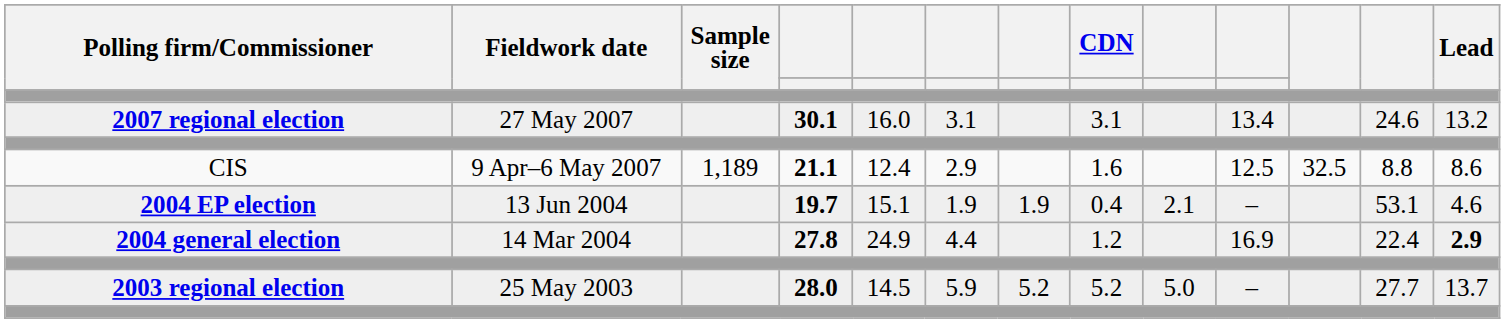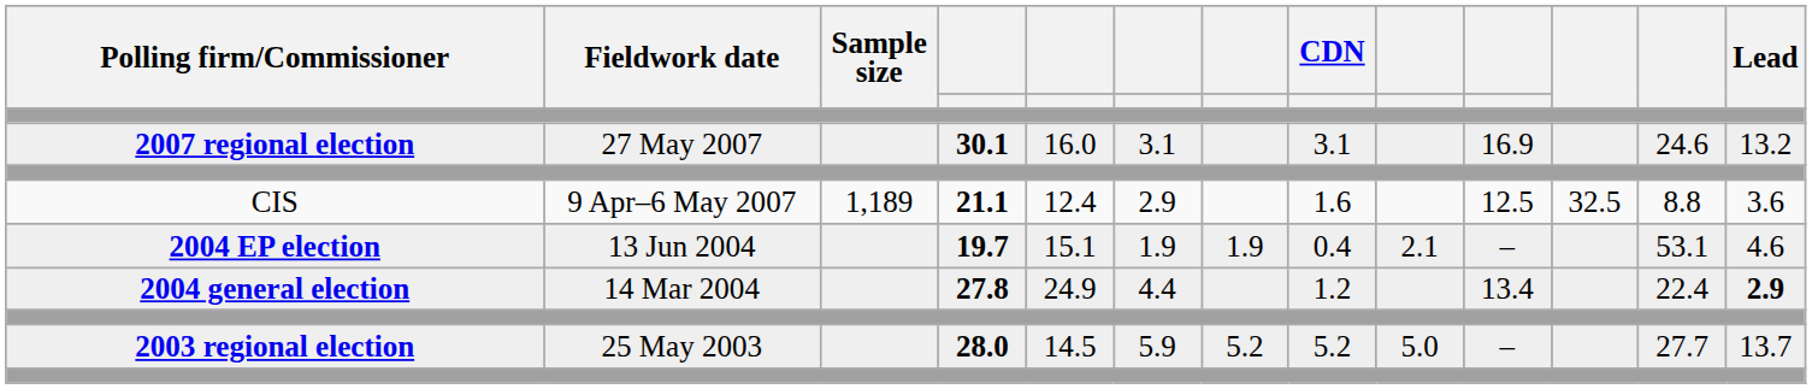 <table class="wikitable collapsible collapsed" style="text-align:center; font-size:90%; line-height:14px;">
 <tr style="height:42px;">
 <th style="width:250px;" rowspan="2">Polling firm/Commissioner</th>
 <th style="width:125px;" rowspan="2">Fieldwork date</th>
 <th style="width:50px;" rowspan="2">Sample size</th>
 <th style="width:35px;"></th>
 <th style="width:35px;"></th>
 <th style="width:35px;"></th>
 <th style="width:35px;"></th>
 <th style="width:35px;"><a href='#'>CDN</a></th>
 <th style="width:35px;"></th>
 <th style="width:35px;"></th>
 <th style="width:35px;" rowspan="2"></th>
 <th style="width:35px;" rowspan="2"></th>
 <th style="width:30px;" rowspan="2">Lead</th>
 </tr>
 <tr>
 <th style="color:inherit;background:"></th>
 <th style="color:inherit;background:"></th>
 <th style="color:inherit;background:"></th>
 <th style="color:inherit;background:"></th>
 <th style="color:inherit;background:"></th>
 <th style="color:inherit;background:"></th>
 <th style="color:inherit;background:"></th>
 </tr>
 <tr>
 <td colspan="13" style="background:#A0A0A0"></td>
 </tr>
 <tr style="background:#EFEFEF;">
 <td><strong><a href='#'>2007 regional election</a></strong></td>
 <td>27 May 2007</td>
 <td></td>
 <td><strong>30.1</strong></td>
 <td>16.0</td>
 <td>3.1</td>
 <td></td>
 <td>3.1</td>
 <td></td>
-<td>13.4</td>
+<td>16.9</td>
 <td></td>
 <td>24.6</td>
 <td style="background:">13.2</td>
 </tr>
 <tr>
 <td colspan="13" style="background:#A0A0A0"></td>
 </tr>
 <tr>
 <td>CIS</td>
 <td>9 Apr–6 May 2007</td>
 <td>1,189</td>
 <td><strong>21.1</strong></td>
 <td>12.4</td>
 <td>2.9</td>
 <td></td>
 <td>1.6</td>
 <td></td>
 <td>12.5</td>
 <td>32.5</td>
 <td>8.8</td>
-<td style="background:">8.6</td>
+<td style="background:">3.6</td>
 </tr>
 <tr style="background:#EFEFEF;">
 <td><strong><a href='#'>2004 EP election</a></strong></td>
 <td>13 Jun 2004</td>
 <td></td>
 <td><strong>19.7</strong></td>
 <td>15.1</td>
 <td>1.9</td>
 <td>1.9</td>
 <td>0.4</td>
 <td>2.1</td>
 <td>–</td>
 <td></td>
 <td>53.1</td>
 <td style="background:">4.6</td>
 </tr>
 <tr style="background:#EFEFEF;">
 <td><strong><a href='#'>2004 general election</a></strong></td>
 <td>14 Mar 2004</td>
 <td></td>
 <td><strong>27.8</strong></td>
 <td>24.9</td>
 <td>4.4</td>
 <td></td>
 <td>1.2</td>
 <td></td>
-<td>16.9</td>
+<td>13.4</td>
 <td></td>
 <td>22.4</td>
 <td style="background:"><strong>2.9</strong></td>
 </tr>
 <tr>
 <td colspan="13" style="background:#A0A0A0"></td>
 </tr>
 <tr style="background:#EFEFEF;">
 <td><strong><a href='#'>2003 regional election</a></strong></td>
 <td>25 May 2003</td>
 <td></td>
 <td><strong>28.0</strong></td>
 <td>14.5</td>
 <td>5.9</td>
 <td>5.2</td>
 <td>5.2</td>
 <td>5.0</td>
 <td>–</td>
 <td></td>
 <td>27.7</td>
 <td style="background:">13.7</td>
 </tr>
 <tr>
 <td colspan="13" style="background:#A0A0A0"></td>
 </tr>
 </table>
